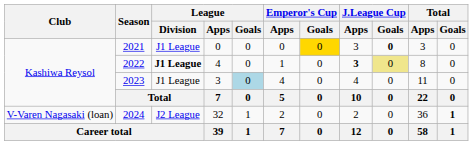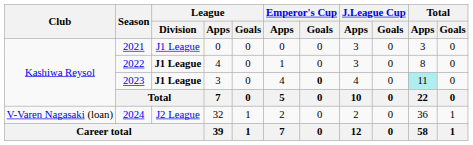 <table class="wikitable" style="text-align: center;">
 <tr>
 <th rowspan="2">Club</th>
 <th rowspan="2">Season</th>
 <th colspan="3">League</th>
 <th colspan="2"><a href='#'>Emperor's Cup</a></th>
 <th colspan="2"><a href='#'>J.League Cup</a></th>
 <th colspan="2">Total</th>
 </tr>
 <tr>
 <th>Division</th>
 <th>Apps</th>
 <th>Goals</th>
 <th>Apps</th>
 <th>Goals</th>
 <th>Apps</th>
 <th>Goals</th>
 <th>Apps</th>
 <th>Goals</th>
 </tr>
 <tr>
 <td rowspan="4"><a href='#'>Kashiwa Reysol</a></td>
 <td><a href='#'>2021</a></td>
 <td><a href='#'>J1 League</a></td>
 <td>0</td>
 <td>0</td>
 <td>0</td>
-<td style="background: gold;">0</td>
+<td>0</td>
 <td>3</td>
-<td><strong>0</strong></td>
+<td>0</td>
 <td>3</td>
 <td>0</td>
 </tr>
 <tr>
 <td><a href='#'>2022</a></td>
 <td><strong>J1 League</strong></td>
 <td>4</td>
 <td>0</td>
 <td>1</td>
 <td>0</td>
-<td><strong>3</strong></td>
-<td style="background: khaki;">0</td>
+<td>3</td>
+<td>0</td>
 <td>8</td>
 <td>0</td>
 </tr>
 <tr>
 <td><a href='#'>2023</a></td>
-<td>J1 League</td>
+<td><strong>J1 League</strong></td>
 <td>3</td>
-<td style="background: lightblue;">0</td>
+<td>0</td>
+<td>4</td>
+<td><strong>0</strong></td>
 <td>4</td>
 <td>0</td>
-<td>4</td>
-<td>0</td>
-<td>11</td>
+<td style="background: paleturquoise;">11</td>
 <td>0</td>
 </tr>
 <tr>
 <th colspan="2">Total</th>
 <th>7</th>
 <th>0</th>
 <th>5</th>
 <th>0</th>
 <th>10</th>
 <th>0</th>
 <th>22</th>
 <th>0</th>
 </tr>
 <tr>
 <td><a href='#'>V-Varen Nagasaki</a> (loan)</td>
 <td><a href='#'>2024</a></td>
 <td><a href='#'>J2 League</a></td>
 <td>32</td>
 <td>1</td>
 <td>2</td>
 <td>0</td>
 <td>2</td>
 <td>0</td>
 <td>36</td>
-<td><strong>1</strong></td>
+<td>1</td>
 </tr>
 <tr>
 <th colspan="3">Career total</th>
 <th>39</th>
 <th>1</th>
 <th>7</th>
 <th>0</th>
 <th>12</th>
 <th>0</th>
 <th>58</th>
 <th>1</th>
 </tr>
 </table>
